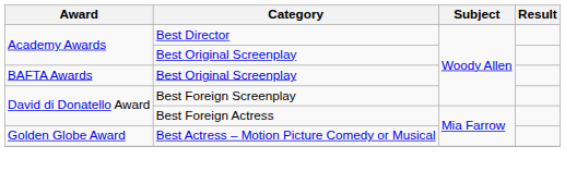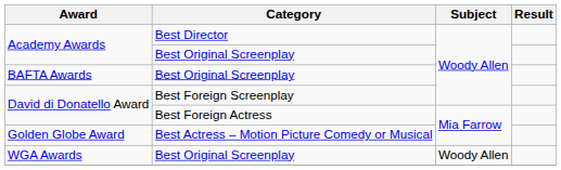 <table class="wikitable">
 <tr>
 <th>Award</th>
 <th>Category</th>
 <th>Subject</th>
 <th>Result</th>
 </tr>
 <tr>
 <td rowspan=2><a href='#'>Academy Awards</a></td>
 <td><a href='#'>Best Director</a></td>
 <td rowspan=4><a href='#'>Woody Allen</a></td>
 <td></td>
 </tr>
 <tr>
 <td><a href='#'>Best Original Screenplay</a></td>
 <td></td>
 </tr>
 <tr>
 <td><a href='#'>BAFTA Awards</a></td>
 <td><a href='#'>Best Original Screenplay</a></td>
 <td></td>
 </tr>
 <tr>
 <td rowspan=2><a href='#'>David di Donatello</a> Award</td>
 <td>Best Foreign Screenplay</td>
 <td></td>
 </tr>
 <tr>
 <td>Best Foreign Actress</td>
 <td rowspan=2><a href='#'>Mia Farrow</a></td>
 <td></td>
 </tr>
 <tr>
 <td><a href='#'>Golden Globe Award</a></td>
 <td><a href='#'>Best Actress – Motion Picture Comedy or Musical</a></td>
 <td></td>
 </tr>
 <tr>
+<td><a href='#'>WGA Awards</a></td>
+<td><a href='#'>Best Original Screenplay</a></td>
+<td>Woody Allen</td>
+<td></td>
+</tr>
+<tr>
 </tr>
 </table>
